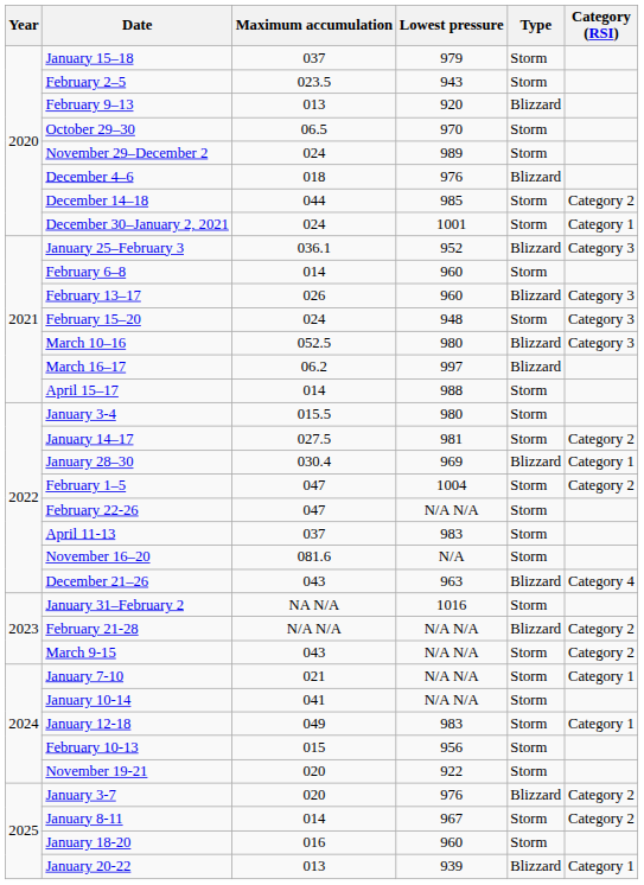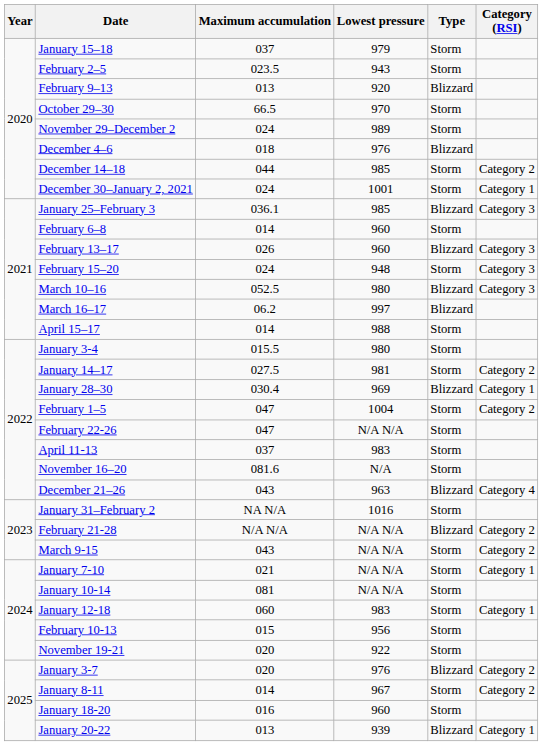 <table class="wikitable sortable">
 <tr>
 <th>Year</th>
 <th>Date</th>
 <th>Maximum accumulation</th>
 <th>Lowest pressure</th>
 <th>Type</th>
 <th>Category <br>(<a href='#'>RSI</a>)</th>
 </tr>
 <tr>
 <td rowspan="8">2020</td>
 <td><a href='#'>January 15–18</a></td>
 <td style="text-align: center;"><span>037</span> </td>
 <td style="text-align: center;"><span>979</span> </td>
 <td>Storm</td>
 <td></td>
 </tr>
 <tr>
 <td><a href='#'>February 2–5</a></td>
 <td style="text-align: center;"><span>023.5</span> </td>
 <td style="text-align: center;"><span>943</span> </td>
 <td>Storm</td>
 <td></td>
 </tr>
 <tr>
 <td><a href='#'>February 9–13</a></td>
 <td style="text-align: center;"><span>013</span> </td>
 <td style="text-align: center;"><span>920</span> </td>
 <td>Blizzard</td>
 <td></td>
 </tr>
 <tr>
 <td><a href='#'>October 29–30</a></td>
-<td style="text-align: center;"><span>06.5</span> </td>
+<td style="text-align: center;"><span>66.5</span> </td>
 <td style="text-align: center;"><span>970</span> </td>
 <td>Storm</td>
 <td></td>
 </tr>
 <tr>
 <td><a href='#'>November 29–December 2</a></td>
 <td style="text-align: center;"><span>024</span> </td>
 <td style="text-align: center;"><span>989</span> </td>
 <td>Storm</td>
 <td></td>
 </tr>
 <tr>
 <td><a href='#'>December 4–6</a></td>
 <td style="text-align: center;"><span>018</span> </td>
 <td style="text-align: center;"><span>976</span> </td>
 <td>Blizzard</td>
 <td></td>
 </tr>
 <tr>
 <td><a href='#'>December 14–18</a></td>
 <td style="text-align: center;"><span>044</span> </td>
 <td style="text-align: center;"><span>985</span> </td>
 <td>Storm</td>
 <td style="background: #">Category 2</td>
 </tr>
 <tr>
 <td><a href='#'>December 30–January 2, 2021</a></td>
 <td style="text-align: center;"><span>024</span> </td>
 <td style="text-align: center;"><span>1001</span> </td>
 <td>Storm</td>
 <td style="background: #">Category 1</td>
 </tr>
 <tr>
 <td rowspan="7">2021</td>
 <td><a href='#'>January 25–February 3</a></td>
 <td style="text-align: center;"><span>036.1</span> </td>
-<td style="text-align: center;"><span>952</span> </td>
+<td style="text-align: center;"><span>985</span> </td>
 <td>Blizzard</td>
 <td style="background: #">Category 3</td>
 </tr>
 <tr>
 <td><a href='#'>February 6–8</a></td>
 <td style="text-align: center;"><span>014</span> </td>
 <td style="text-align: center;"><span>960</span> </td>
 <td>Storm</td>
 <td></td>
 </tr>
 <tr>
 <td><a href='#'>February 13–17</a></td>
 <td style="text-align: center;"><span>026</span> </td>
 <td style="text-align: center;"><span>960</span> </td>
 <td>Blizzard</td>
 <td style="background: #">Category 3</td>
 </tr>
 <tr>
 <td><a href='#'>February 15–20</a></td>
 <td style="text-align: center;"><span>024</span> </td>
 <td style="text-align: center;"><span>948</span> </td>
 <td>Storm</td>
 <td style="background: #">Category 3</td>
 </tr>
 <tr>
 <td><a href='#'>March 10–16</a></td>
 <td style="text-align: center;"><span>052.5</span> </td>
 <td style="text-align: center;"><span>980</span> </td>
 <td>Blizzard</td>
 <td style="background: #">Category 3</td>
 </tr>
 <tr>
 <td><a href='#'>March 16–17</a></td>
 <td style="text-align: center;"><span>06.2</span> </td>
 <td style="text-align: center;"><span>997</span> </td>
 <td>Blizzard</td>
 <td></td>
 </tr>
 <tr>
 <td><a href='#'>April 15–17</a></td>
 <td style="text-align: center;"><span>014</span> </td>
 <td style="text-align: center;"><span>988</span> </td>
 <td>Storm</td>
 <td></td>
 </tr>
 <tr>
 <td rowspan="8">2022</td>
 <td><a href='#'>January 3-4</a></td>
 <td style="text-align: center;"><span>015.5</span> </td>
 <td style="text-align: center;"><span>980</span> </td>
 <td>Storm</td>
 <td></td>
 </tr>
 <tr>
 <td><a href='#'>January 14–17</a></td>
 <td style="text-align: center;"><span>027.5</span> </td>
 <td style="text-align: center;"><span>981</span> </td>
 <td>Storm</td>
 <td style="background: #">Category 2</td>
 </tr>
 <tr>
 <td><a href='#'>January 28–30</a></td>
 <td style="text-align: center;"><span>030.4</span> </td>
 <td style="text-align: center;"><span>969</span> </td>
 <td>Blizzard</td>
 <td style="background: #">Category 1</td>
 </tr>
 <tr>
 <td><a href='#'>February 1–5</a></td>
 <td style="text-align: center;"><span>047</span> </td>
 <td style="text-align: center;"><span>1004</span> </td>
 <td>Storm</td>
 <td style="background: #">Category 2</td>
 </tr>
 <tr>
 <td><a href='#'>February 22-26</a></td>
 <td style="text-align: center;"><span>047</span> </td>
 <td style="text-align: center;"><span>N/A</span> N/A</td>
 <td>Storm</td>
 <td></td>
 </tr>
 <tr>
 <td><a href='#'>April 11-13</a></td>
 <td style="text-align: center;"><span>037</span> </td>
 <td style="text-align: center;"><span>983</span> </td>
 <td>Storm</td>
 <td></td>
 </tr>
 <tr>
 <td><a href='#'>November 16–20</a></td>
 <td style="text-align: center;"><span>081.6</span> </td>
 <td style="text-align: center;"><span>N/A</span></td>
 <td>Storm</td>
 <td></td>
 </tr>
 <tr>
 <td><a href='#'>December 21–26</a></td>
 <td style="text-align: center;"><span>043</span> </td>
 <td style="text-align: center;"><span>963</span> </td>
 <td>Blizzard</td>
 <td style="background: #">Category 4</td>
 </tr>
 <tr>
 <td rowspan="3">2023</td>
 <td><a href='#'>January 31–February 2</a></td>
 <td style="text-align: center;"><span>NA</span> N/A</td>
 <td style="text-align: center;"><span>1016</span> </td>
 <td>Storm</td>
 <td></td>
 </tr>
 <tr>
 <td><a href='#'>February 21-28</a></td>
 <td style="text-align: center;"><span>N/A</span> N/A</td>
 <td style="text-align: center;"><span>N/A</span> N/A</td>
 <td>Blizzard</td>
 <td style="background: #">Category 2</td>
 </tr>
 <tr>
 <td><a href='#'>March 9-15</a></td>
 <td style="text-align: center;"><span>043</span> </td>
 <td style="text-align: center;"><span>N/A</span> N/A</td>
 <td>Storm</td>
 <td style="background: #">Category 2</td>
 </tr>
 <tr>
 <td rowspan="5">2024</td>
 <td><a href='#'>January 7-10</a></td>
 <td style="text-align: center;"><span>021</span> </td>
 <td style="text-align: center;"><span>N/A</span> N/A</td>
 <td>Storm</td>
 <td style="background: #">Category 1</td>
 </tr>
 <tr>
 <td><a href='#'>January  10-14</a></td>
-<td style="text-align: center;"><span>041</span> </td>
+<td style="text-align: center;"><span>081</span> </td>
 <td style="text-align: center;"><span>N/A</span> N/A</td>
 <td>Storm</td>
 <td></td>
 </tr>
 <tr>
 <td><a href='#'>January 12-18</a></td>
-<td style="text-align: center;"><span>049</span> </td>
+<td style="text-align: center;"><span>060</span> </td>
 <td style="text-align: center;"><span>983</span> </td>
 <td>Storm</td>
 <td style="background: #">Category 1</td>
 </tr>
 <tr>
 <td><a href='#'>February 10-13</a></td>
 <td style="text-align: center;"><span>015</span> </td>
 <td style="text-align: center;"><span>956</span> </td>
 <td>Storm</td>
 <td></td>
 </tr>
 <tr>
 <td><a href='#'>November 19-21</a></td>
 <td style="text-align: center;"><span>020</span> </td>
 <td style="text-align: center;"><span>922</span> </td>
 <td>Storm</td>
 <td></td>
 </tr>
 <tr>
 <td rowspan="4">2025</td>
 <td><a href='#'>January 3-7</a></td>
 <td style="text-align: center;"><span>020</span> </td>
 <td style="text-align: center;"><span>976</span> </td>
 <td>Blizzard</td>
 <td style="background: #">Category 2</td>
 </tr>
 <tr>
 <td><a href='#'>January 8-11</a></td>
 <td style="text-align: center;"><span>014</span> </td>
 <td style="text-align: center;"><span>967</span> </td>
 <td>Storm</td>
 <td style="background: #">Category 2</td>
 </tr>
 <tr>
 <td><a href='#'>January 18-20</a></td>
 <td style="text-align: center;"><span>016</span> </td>
 <td style="text-align: center;"><span>960</span> </td>
 <td>Storm</td>
 <td></td>
 </tr>
 <tr>
 <td><a href='#'>January 20-22</a></td>
 <td style="text-align: center;"><span>013</span> </td>
 <td style="text-align: center;"><span>939</span> </td>
 <td>Blizzard</td>
 <td style="background: #">Category 1</td>
 </tr>
 </table>
